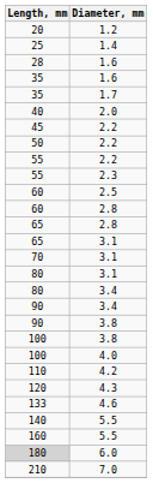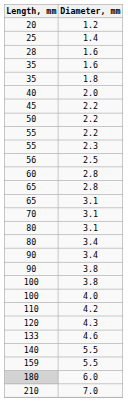 <table class="wikitable" style="text-align:center; ">
 <tr>
 <th>Length, mm</th>
 <th>Diameter, mm</th>
 </tr>
 <tr>
 <td>20</td>
 <td>1.2</td>
 </tr>
 <tr>
 <td>25</td>
 <td>1.4</td>
 </tr>
 <tr>
 <td>28</td>
 <td>1.6</td>
 </tr>
 <tr>
 <td>35</td>
 <td>1.6</td>
 </tr>
 <tr>
 <td>35</td>
-<td>1.7</td>
+<td>1.8</td>
 </tr>
 <tr>
 <td>40</td>
 <td>2.0</td>
 </tr>
 <tr>
 <td>45</td>
 <td>2.2</td>
 </tr>
 <tr>
 <td>50</td>
 <td>2.2</td>
 </tr>
 <tr>
 <td>55</td>
 <td>2.2</td>
 </tr>
 <tr>
 <td>55</td>
 <td>2.3</td>
 </tr>
 <tr>
-<td>60</td>
+<td>56</td>
 <td>2.5</td>
 </tr>
 <tr>
 <td>60</td>
 <td>2.8</td>
 </tr>
 <tr>
 <td>65</td>
 <td>2.8</td>
 </tr>
 <tr>
 <td>65</td>
 <td>3.1</td>
 </tr>
 <tr>
 <td>70</td>
 <td>3.1</td>
 </tr>
 <tr>
 <td>80</td>
 <td>3.1</td>
 </tr>
 <tr>
 <td>80</td>
 <td>3.4</td>
 </tr>
 <tr>
 <td>90</td>
 <td>3.4</td>
 </tr>
 <tr>
 <td>90</td>
 <td>3.8</td>
 </tr>
 <tr>
 <td>100</td>
 <td>3.8</td>
 </tr>
 <tr>
 <td>100</td>
 <td>4.0</td>
 </tr>
 <tr>
 <td>110</td>
 <td>4.2</td>
 </tr>
 <tr>
 <td>120</td>
 <td>4.3</td>
 </tr>
 <tr>
 <td>133</td>
 <td>4.6</td>
 </tr>
 <tr>
 <td>140</td>
 <td>5.5</td>
 </tr>
 <tr>
-<td>160</td>
+<td>159</td>
 <td>5.5</td>
 </tr>
 <tr>
 <td style="background: lightgrey;">180</td>
 <td>6.0</td>
 </tr>
 <tr>
 <td>210</td>
 <td>7.0</td>
 </tr>
 <tr>
 </tr>
 </table>
